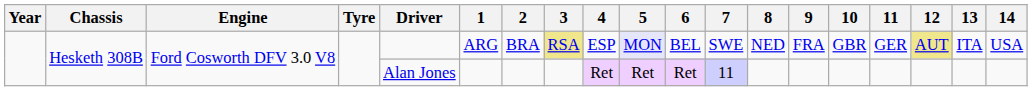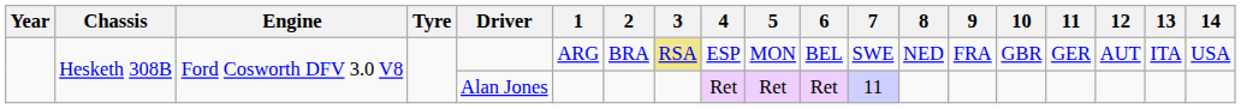 <table class="wikitable" style="text-align:center; font-size:85%">
 <tr>
 <th>Year</th>
 <th>Chassis</th>
 <th>Engine</th>
 <th>Tyre</th>
 <th>Driver</th>
 <th>1</th>
 <th>2</th>
 <th>3</th>
 <th>4</th>
 <th>5</th>
 <th>6</th>
 <th>7</th>
 <th>8</th>
 <th>9</th>
 <th>10</th>
 <th>11</th>
 <th>12</th>
 <th>13</th>
 <th>14</th>
 </tr>
 <tr>
 <td rowspan="2"></td>
 <td rowspan="2"><a href='#'>Hesketh</a> <a href='#'>308B</a></td>
 <td rowspan="2"><a href='#'>Ford</a> <a href='#'>Cosworth DFV</a> 3.0 <a href='#'>V8</a></td>
 <td rowspan="2"></td>
 <td></td>
 <td><a href='#'>ARG</a></td>
 <td><a href='#'>BRA</a></td>
 <td style="background: khaki;"><a href='#'>RSA</a></td>
 <td><a href='#'>ESP</a></td>
-<td style="background: lavender;"><a href='#'>MON</a></td>
+<td><a href='#'>MON</a></td>
 <td><a href='#'>BEL</a></td>
 <td><a href='#'>SWE</a></td>
 <td><a href='#'>NED</a></td>
 <td><a href='#'>FRA</a></td>
 <td><a href='#'>GBR</a></td>
 <td><a href='#'>GER</a></td>
-<td style="background: khaki;"><a href='#'>AUT</a></td>
+<td><a href='#'>AUT</a></td>
 <td><a href='#'>ITA</a></td>
 <td><a href='#'>USA</a></td>
 </tr>
 <tr>
 <td align="left"> <a href='#'>Alan Jones</a></td>
 <td></td>
 <td></td>
 <td></td>
 <td style="background:#EFCFFF;">Ret</td>
 <td style="background:#EFCFFF;">Ret</td>
 <td style="background:#EFCFFF;">Ret</td>
 <td style="background:#cfcfff;">11</td>
 <td></td>
 <td></td>
 <td></td>
 <td></td>
 <td></td>
 <td></td>
 <td></td>
 </tr>
 </table>
